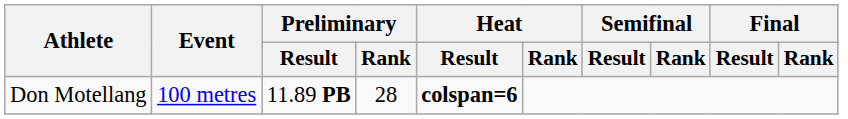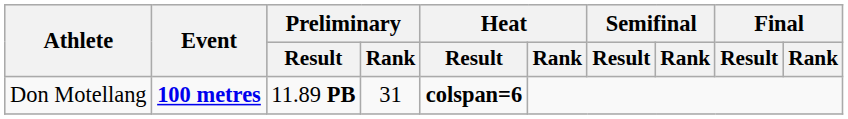 <table class="wikitable" style="font-size:90%">
 <tr>
 <th rowspan="2">Athlete</th>
 <th rowspan="2">Event</th>
 <th colspan="2">Preliminary</th>
 <th colspan="2">Heat</th>
 <th colspan="2">Semifinal</th>
 <th colspan="2">Final</th>
 </tr>
 <tr style="font-size:95%">
 <th>Result</th>
 <th>Rank</th>
 <th>Result</th>
 <th>Rank</th>
 <th>Result</th>
 <th>Rank</th>
 <th>Result</th>
 <th>Rank</th>
 </tr>
 <tr style=text-align:center>
 <td style=text-align:left>Don Motellang</td>
-<td style=text-align:left><a href='#'>100 metres</a></td>
+<td style=text-align:left><strong><a href='#'>100 metres</a></strong></td>
 <td>11.89 <strong>PB</strong></td>
-<td>28</td>
+<td>31</td>
 <td><strong>colspan=6 </strong></td>
 </tr>
 </table>
